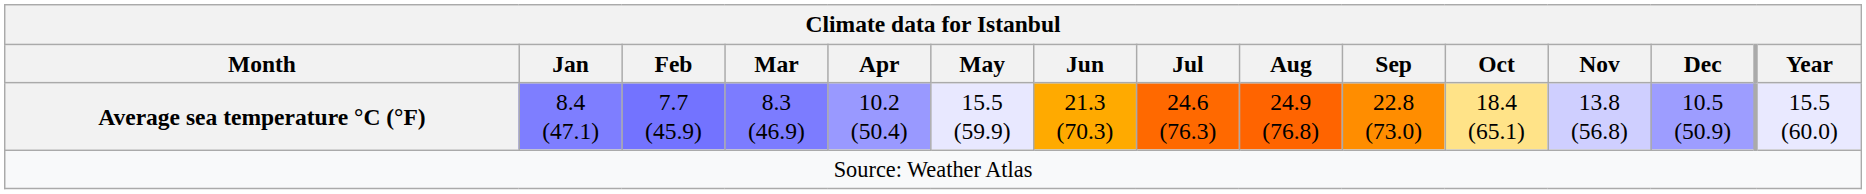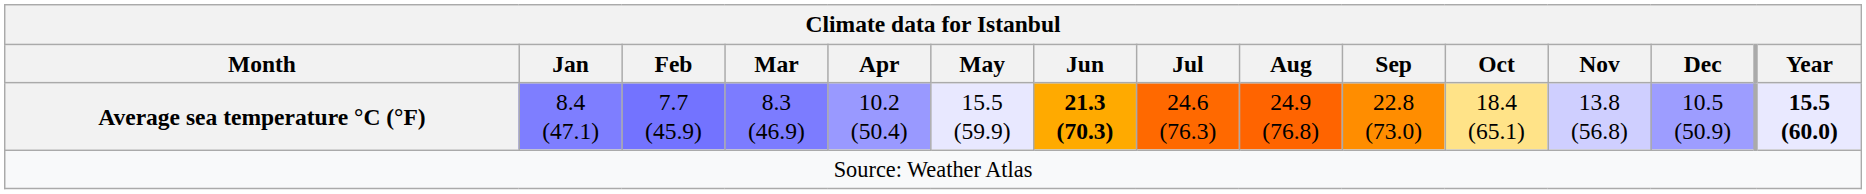 <table class="wikitable mw-collapsible" style="width:100%;text-align:center;line-height:1.2em;margin-left:auto;margin-right:auto">
 <tr>
 <th colspan="14">Climate data for Istanbul</th>
 </tr>
 <tr>
 <th>Month</th>
 <th>Jan</th>
 <th>Feb</th>
 <th>Mar</th>
 <th>Apr</th>
 <th>May</th>
 <th>Jun</th>
 <th>Jul</th>
 <th>Aug</th>
 <th>Sep</th>
 <th>Oct</th>
 <th>Nov</th>
 <th>Dec</th>
 <th style="border-left-width:medium">Year</th>
 </tr>
 <tr>
 <th>Average sea temperature °C (°F)</th>
 <td style="background:#7e7eff; color:#000;">8.4<br>(47.1)</td>
 <td style="background:#7373ff; color:#000;">7.7<br>(45.9)</td>
 <td style="background:#7c7cff; color:#000;">8.3<br>(46.9)</td>
 <td style="background:#99f; color:#000;">10.2<br>(50.4)</td>
 <td style="background:#e8e8ff; color:#000;">15.5<br>(59.9)</td>
-<td style="background:#fa0; color:#000;">21.3<br>(70.3)</td>
+<td style="background:#fa0; color:#000;"><strong>21.3<br>(70.3)</strong></td>
 <td style="background:#ff6900; color:#000;">24.6<br>(76.3)</td>
 <td style="background:#ff6400; color:#000;">24.9<br>(76.8)</td>
 <td style="background:#ff8d00; color:#000;">22.8<br>(73.0)</td>
 <td style="background:#ffe388; color:#000;">18.4<br>(65.1)</td>
 <td style="background:#cfcfff; color:#000;">13.8<br>(56.8)</td>
 <td style="background:#9d9dff; color:#000;">10.5<br>(50.9)</td>
-<td style="background:#e9e9ff; color:#000; border-left-width:medium;">15.5<br>(60.0)</td>
+<td style="background:#e9e9ff; color:#000; border-left-width:medium;"><strong>15.5<br>(60.0)</strong></td>
 </tr>
 <tr>
 <th colspan="14" style="background:#f8f9fa;font-weight:normal;font-size:95%;">Source: Weather Atlas </th>
 </tr>
 </table>
